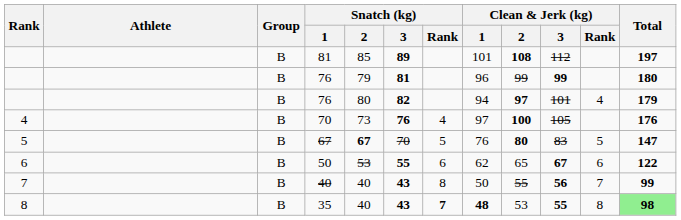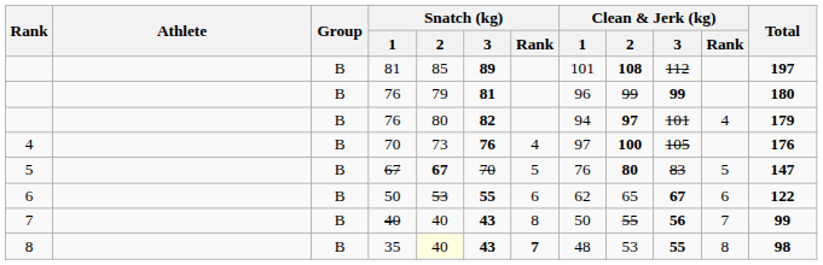 <table class = "wikitable" style="text-align:center;">
 <tr>
 <th rowspan=2 width=40>Rank</th>
 <th rowspan=2 width=250>Athlete</th>
 <th rowspan=2 width=50>Group</th>
 <th colspan=4>Snatch (kg)</th>
 <th colspan=4>Clean & Jerk (kg)</th>
 <th rowspan=2 width=60>Total</th>
 </tr>
 <tr>
 <th width=40>1</th>
 <th width=40>2</th>
 <th width=40>3</th>
 <th width=40>Rank</th>
 <th width=40>1</th>
 <th width=40>2</th>
 <th width=40>3</th>
 <th width=40>Rank</th>
 </tr>
 <tr>
 <td></td>
 <td align=left></td>
 <td>B</td>
 <td>81</td>
 <td>85</td>
 <td><strong>89</strong></td>
 <td></td>
 <td>101</td>
 <td><strong>108</strong></td>
 <td><s>112</s></td>
 <td></td>
 <td><strong>197</strong></td>
 </tr>
 <tr>
 <td></td>
 <td align=left></td>
 <td>B</td>
 <td>76</td>
 <td>79</td>
 <td><strong>81</strong></td>
 <td></td>
 <td>96</td>
 <td><s>99</s></td>
 <td><strong>99</strong></td>
 <td></td>
 <td><strong>180</strong></td>
 </tr>
 <tr>
 <td></td>
 <td align=left></td>
 <td>B</td>
 <td>76</td>
 <td>80</td>
 <td><strong>82</strong></td>
 <td></td>
 <td>94</td>
 <td><strong>97</strong></td>
 <td><s>101</s></td>
 <td>4</td>
 <td><strong>179</strong></td>
 </tr>
 <tr>
 <td>4</td>
 <td align=left></td>
 <td>B</td>
 <td>70</td>
 <td>73</td>
 <td><strong>76</strong></td>
 <td>4</td>
 <td>97</td>
 <td><strong>100</strong></td>
 <td><s>105</s></td>
 <td></td>
 <td><strong>176</strong></td>
 </tr>
 <tr>
 <td>5</td>
 <td align=left></td>
 <td>B</td>
 <td><s>67</s></td>
 <td><strong>67</strong></td>
 <td><s>70</s></td>
 <td>5</td>
 <td>76</td>
 <td><strong>80</strong></td>
 <td><s>83</s></td>
 <td>5</td>
 <td><strong>147</strong></td>
 </tr>
 <tr>
 <td>6</td>
 <td align=left></td>
 <td>B</td>
 <td>50</td>
 <td><s>53</s></td>
 <td><strong>55</strong></td>
 <td>6</td>
 <td>62</td>
 <td>65</td>
 <td><strong>67</strong></td>
 <td>6</td>
 <td><strong>122</strong></td>
 </tr>
 <tr>
 <td>7</td>
 <td align=left></td>
 <td>B</td>
 <td><s>40</s></td>
 <td>40</td>
 <td><strong>43</strong></td>
 <td>8</td>
 <td>50</td>
 <td><s>55</s></td>
 <td><strong>56</strong></td>
 <td>7</td>
 <td><strong>99</strong></td>
 </tr>
 <tr>
 <td>8</td>
 <td align=left></td>
 <td>B</td>
 <td>35</td>
-<td>40</td>
+<td style="background: lightyellow;">40</td>
 <td><strong>43</strong></td>
 <td><strong>7</strong></td>
-<td><strong>48</strong></td>
+<td>48</td>
 <td>53</td>
 <td><strong>55</strong></td>
 <td>8</td>
-<td style="background: lightgreen;"><strong>98</strong></td>
+<td><strong>98</strong></td>
 </tr>
 </table>
